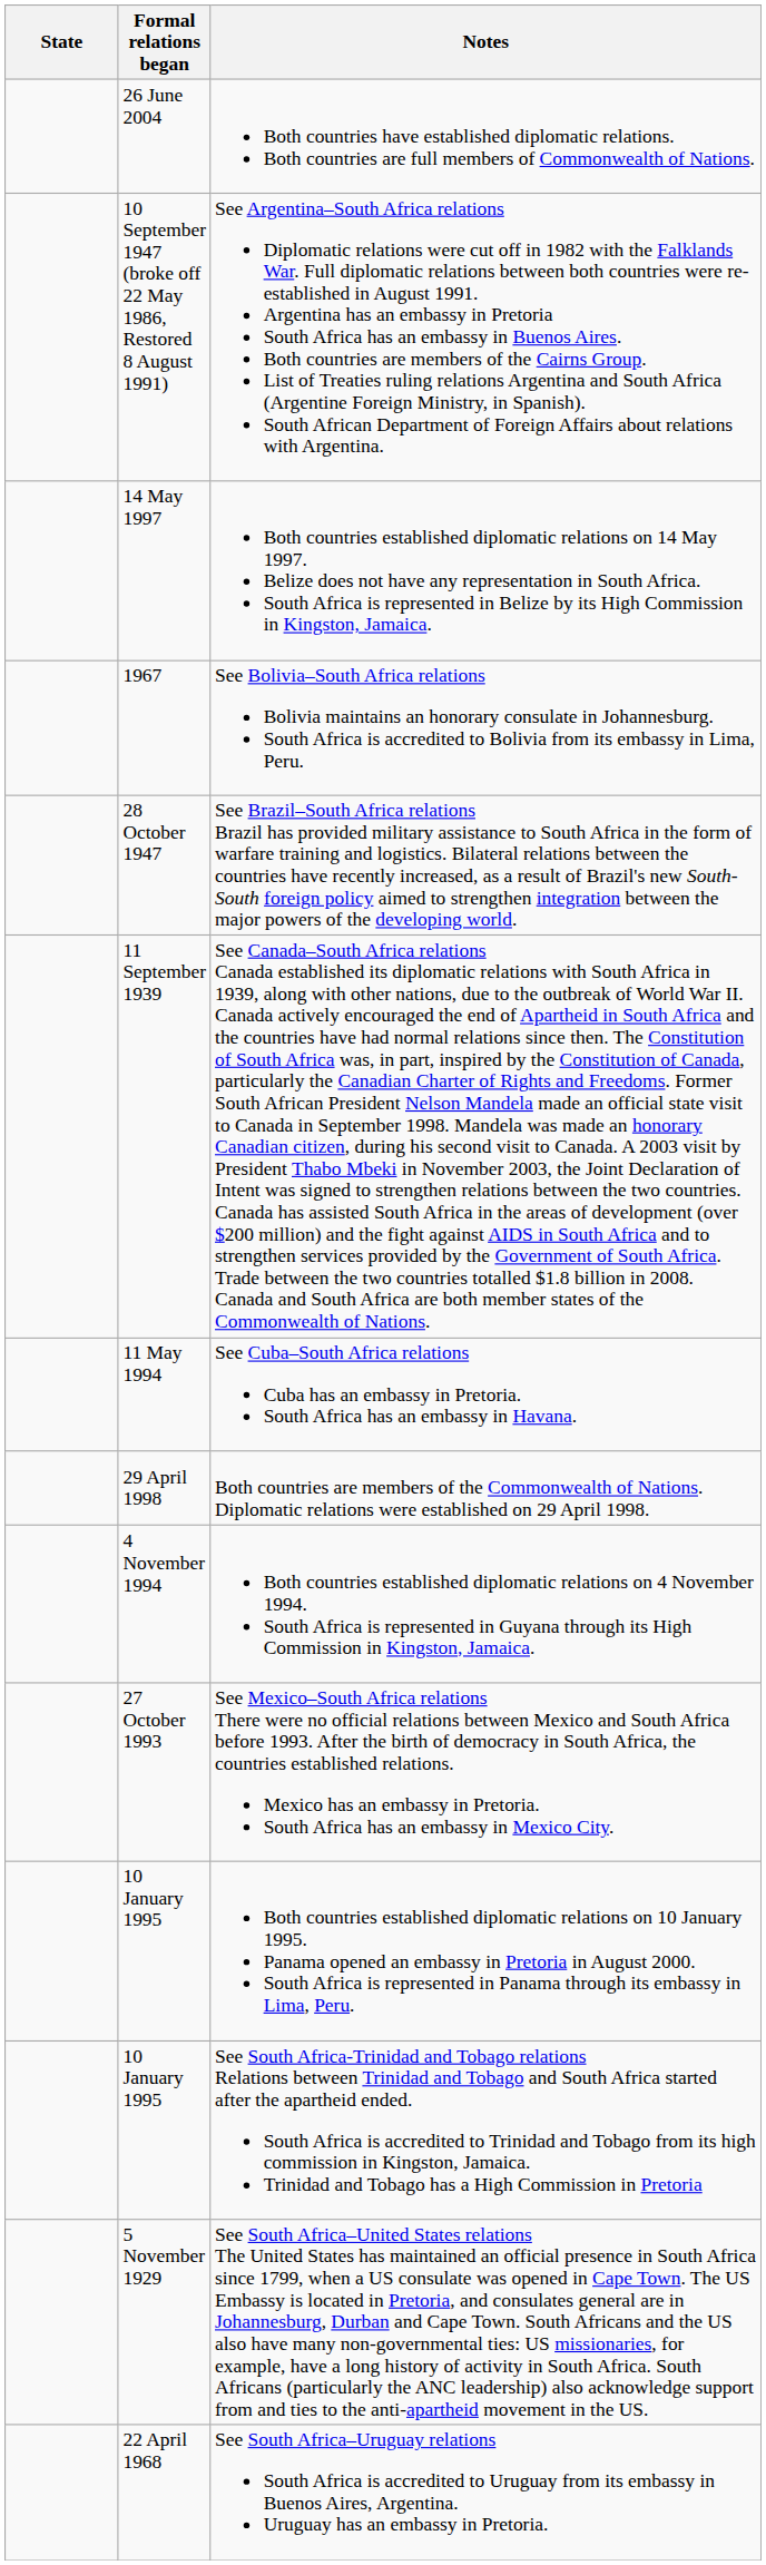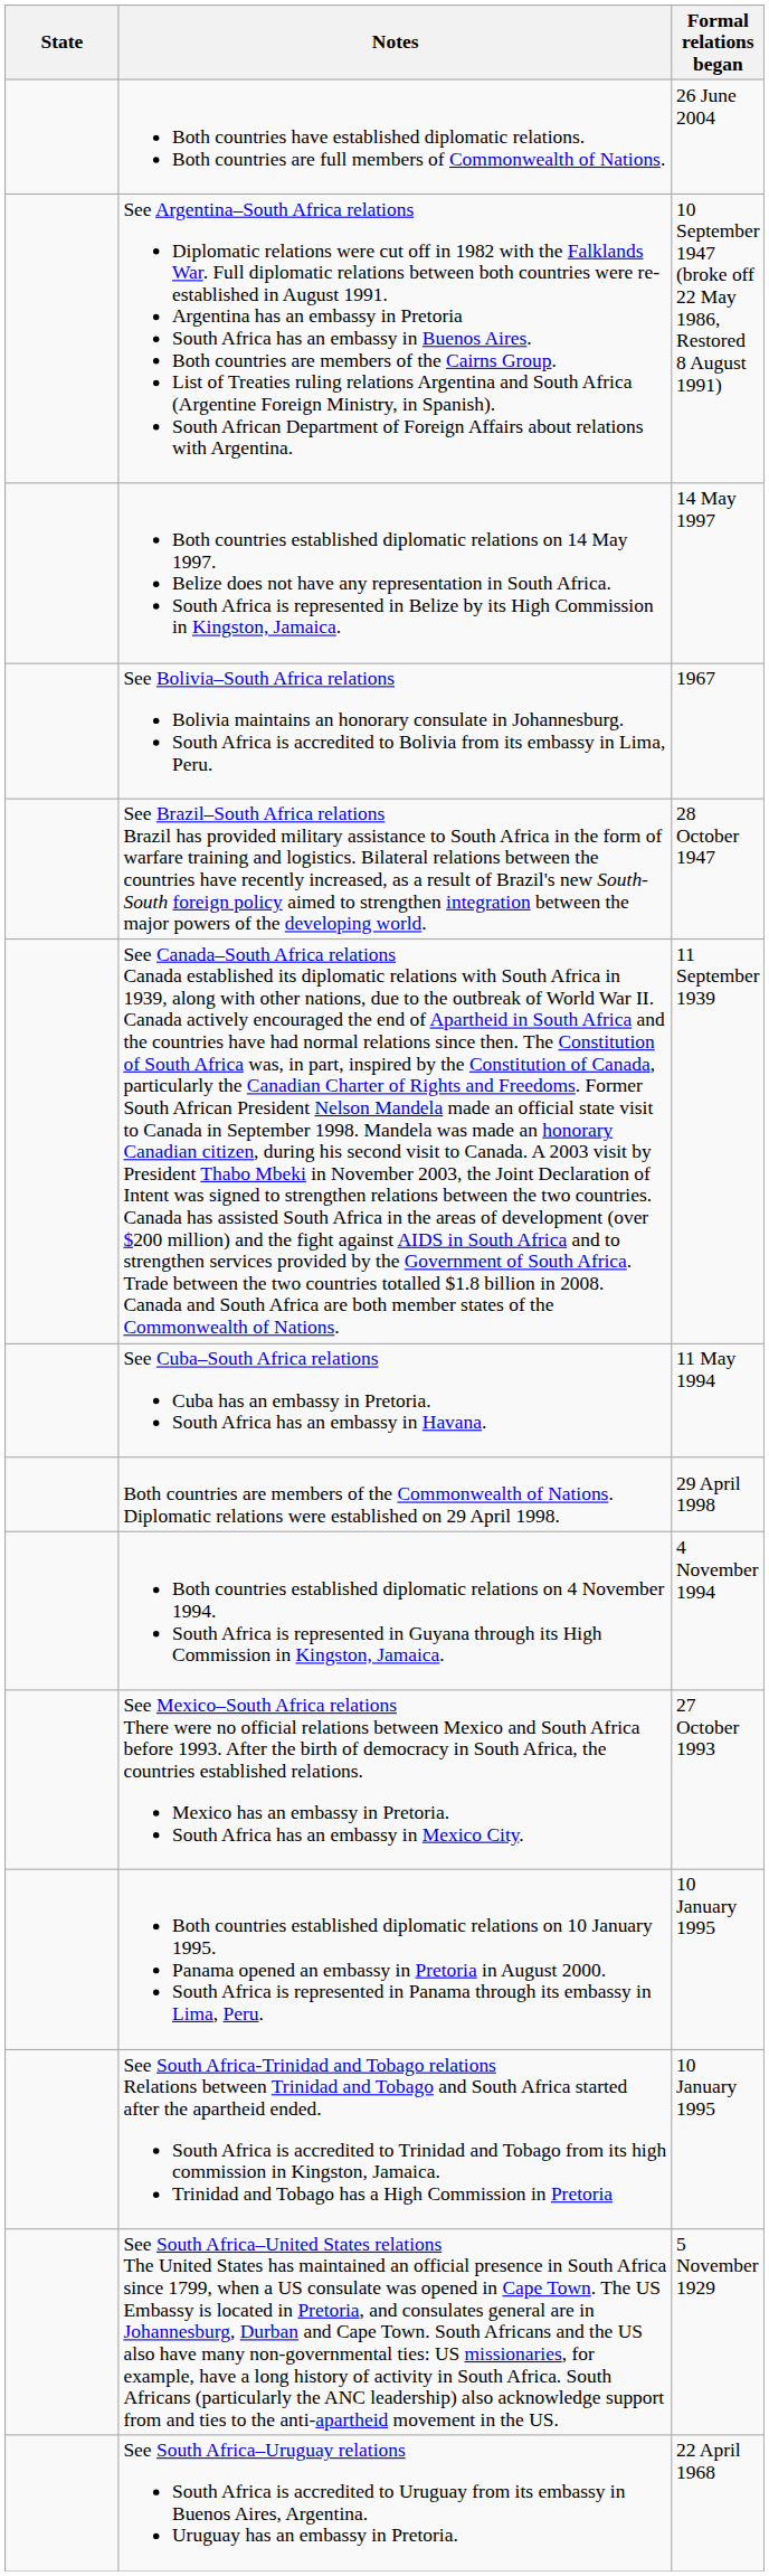 <table class="wikitable sortable" style="width:100%; margin:auto;">
 <tr>
 <th style="width:15%;">State</th>
+<th>Notes</th>
 <th style="width:12%;">Formal relations began</th>
-<th>Notes</th>
 </tr>
 <tr valign="top">
 <td></td>
+<td><br><ul><li>Both countries have established diplomatic relations.</li><li>Both countries are full members of <a href='#'>Commonwealth of Nations</a>.</li></ul></td>
 <td>26 June 2004</td>
-<td><br><ul><li>Both countries have established diplomatic relations.</li><li>Both countries are full members of <a href='#'>Commonwealth of Nations</a>.</li></ul></td>
 </tr>
 <tr valign="top">
 <td></td>
+<td>See <a href='#'>Argentina–South Africa relations</a><br><ul><li>Diplomatic relations were cut off in 1982 with the <a href='#'>Falklands War</a>. Full diplomatic relations between both countries were re-established in August 1991.</li><li>Argentina has an embassy in Pretoria</li><li>South Africa has an embassy in <a href='#'>Buenos Aires</a>.</li><li>Both countries are members of the <a href='#'>Cairns Group</a>.</li><li>List of Treaties ruling relations Argentina and South Africa (Argentine Foreign Ministry, in Spanish).</li><li>South African Department of Foreign Affairs about relations with Argentina.</li></ul></td>
 <td>10 September 1947 (broke off 22 May 1986, Restored 8 August 1991)</td>
-<td>See <a href='#'>Argentina–South Africa relations</a><br><ul><li>Diplomatic relations were cut off in 1982 with the <a href='#'>Falklands War</a>. Full diplomatic relations between both countries were re-established in August 1991.</li><li>Argentina has an embassy in Pretoria</li><li>South Africa has an embassy in <a href='#'>Buenos Aires</a>.</li><li>Both countries are members of the <a href='#'>Cairns Group</a>.</li><li>List of Treaties ruling relations Argentina and South Africa (Argentine Foreign Ministry, in Spanish).</li><li>South African Department of Foreign Affairs about relations with Argentina.</li></ul></td>
 </tr>
 <tr valign="top">
 <td></td>
+<td><br><ul><li>Both countries established diplomatic relations on 14 May 1997.</li><li>Belize does not have any representation in South Africa.</li><li>South Africa is represented in Belize by its High Commission in <a href='#'>Kingston, Jamaica</a>.</li></ul></td>
 <td>14 May 1997</td>
-<td><br><ul><li>Both countries established diplomatic relations on 14 May 1997.</li><li>Belize does not have any representation in South Africa.</li><li>South Africa is represented in Belize by its High Commission in <a href='#'>Kingston, Jamaica</a>.</li></ul></td>
 </tr>
 <tr valign="top">
 <td></td>
+<td>See <a href='#'>Bolivia–South Africa relations</a><br><ul><li>Bolivia maintains an honorary consulate in Johannesburg.</li><li>South Africa is accredited to Bolivia from its embassy in Lima, Peru.</li></ul></td>
 <td>1967</td>
-<td>See <a href='#'>Bolivia–South Africa relations</a><br><ul><li>Bolivia maintains an honorary consulate in Johannesburg.</li><li>South Africa is accredited to Bolivia from its embassy in Lima, Peru.</li></ul></td>
 </tr>
 <tr valign="top">
 <td></td>
+<td>See <a href='#'>Brazil–South Africa relations</a><br>Brazil has provided military assistance to South Africa in the form of warfare training and logistics. Bilateral relations between the countries have recently increased, as a result of Brazil's new <em>South-South</em> <a href='#'>foreign policy</a> aimed to strengthen <a href='#'>integration</a> between the major powers of the <a href='#'>developing world</a>.</td>
 <td>28 October 1947</td>
-<td>See <a href='#'>Brazil–South Africa relations</a><br>Brazil has provided military assistance to South Africa in the form of warfare training and logistics. Bilateral relations between the countries have recently increased, as a result of Brazil's new <em>South-South</em> <a href='#'>foreign policy</a> aimed to strengthen <a href='#'>integration</a> between the major powers of the <a href='#'>developing world</a>.</td>
 </tr>
 <tr valign="top">
 <td></td>
+<td>See <a href='#'>Canada–South Africa relations</a><br>Canada established its diplomatic relations with South Africa in 1939, along with other nations, due to the outbreak of World War II. Canada actively encouraged the end of <a href='#'>Apartheid in South Africa</a> and the countries have had normal relations since then. The <a href='#'>Constitution of South Africa</a> was, in part, inspired by the <a href='#'>Constitution of Canada</a>, particularly the <a href='#'>Canadian Charter of Rights and Freedoms</a>. Former South African President <a href='#'>Nelson Mandela</a> made an official state visit to Canada in September 1998. Mandela was made an <a href='#'>honorary Canadian citizen</a>, during his second visit to Canada. A 2003 visit by President <a href='#'>Thabo Mbeki</a> in November 2003, the Joint Declaration of Intent was signed to strengthen relations between the two countries. Canada has assisted South Africa in the areas of development (over <a href='#'>$</a>200 million) and the fight against <a href='#'>AIDS in South Africa</a> and to strengthen services provided by the <a href='#'>Government of South Africa</a>. Trade between the two countries totalled $1.8 billion in 2008.<br>Canada and South Africa are both member states of the <a href='#'>Commonwealth of Nations</a>.</td>
 <td>11 September 1939</td>
-<td>See <a href='#'>Canada–South Africa relations</a><br>Canada established its diplomatic relations with South Africa in 1939, along with other nations, due to the outbreak of World War II. Canada actively encouraged the end of <a href='#'>Apartheid in South Africa</a> and the countries have had normal relations since then. The <a href='#'>Constitution of South Africa</a> was, in part, inspired by the <a href='#'>Constitution of Canada</a>, particularly the <a href='#'>Canadian Charter of Rights and Freedoms</a>. Former South African President <a href='#'>Nelson Mandela</a> made an official state visit to Canada in September 1998. Mandela was made an <a href='#'>honorary Canadian citizen</a>, during his second visit to Canada. A 2003 visit by President <a href='#'>Thabo Mbeki</a> in November 2003, the Joint Declaration of Intent was signed to strengthen relations between the two countries. Canada has assisted South Africa in the areas of development (over <a href='#'>$</a>200 million) and the fight against <a href='#'>AIDS in South Africa</a> and to strengthen services provided by the <a href='#'>Government of South Africa</a>. Trade between the two countries totalled $1.8 billion in 2008.<br>Canada and South Africa are both member states of the <a href='#'>Commonwealth of Nations</a>.</td>
 </tr>
 <tr valign="top">
 <td></td>
+<td>See <a href='#'>Cuba–South Africa relations</a><br><ul><li>Cuba has an embassy in Pretoria.</li><li>South Africa has an embassy in <a href='#'>Havana</a>.</li></ul></td>
 <td>11 May 1994</td>
-<td>See <a href='#'>Cuba–South Africa relations</a><br><ul><li>Cuba has an embassy in Pretoria.</li><li>South Africa has an embassy in <a href='#'>Havana</a>.</li></ul></td>
 </tr>
 <tr -valign="top">
 <td></td>
+<td><br>Both countries are members of the <a href='#'>Commonwealth of Nations</a>. Diplomatic relations were established on 29 April 1998.</td>
 <td>29 April 1998</td>
-<td><br>Both countries are members of the <a href='#'>Commonwealth of Nations</a>. Diplomatic relations were established on 29 April 1998.</td>
 </tr>
 <tr valign="top">
 <td></td>
+<td><br><ul><li>Both countries established diplomatic relations on 4 November 1994.</li><li>South Africa is represented in Guyana through its High Commission in <a href='#'>Kingston, Jamaica</a>.</li></ul></td>
 <td>4 November 1994</td>
-<td><br><ul><li>Both countries established diplomatic relations on 4 November 1994.</li><li>South Africa is represented in Guyana through its High Commission in <a href='#'>Kingston, Jamaica</a>.</li></ul></td>
 </tr>
 <tr valign="top">
 <td></td>
+<td>See <a href='#'>Mexico–South Africa relations</a><br>There were no official relations between Mexico and South Africa before 1993. After the birth of democracy in South Africa, the countries established relations.<ul><li>Mexico has an embassy in Pretoria.</li><li>South Africa has an embassy in <a href='#'>Mexico City</a>.</li></ul></td>
 <td>27 October 1993</td>
-<td>See <a href='#'>Mexico–South Africa relations</a><br>There were no official relations between Mexico and South Africa before 1993. After the birth of democracy in South Africa, the countries established relations.<ul><li>Mexico has an embassy in Pretoria.</li><li>South Africa has an embassy in <a href='#'>Mexico City</a>.</li></ul></td>
 </tr>
 <tr valign="top">
 <td></td>
+<td><br><ul><li>Both countries established diplomatic relations on 10 January 1995.</li><li>Panama opened an embassy in <a href='#'>Pretoria</a> in August 2000.</li><li>South Africa is represented in Panama through its embassy in <a href='#'>Lima</a>, <a href='#'>Peru</a>.</li></ul></td>
 <td>10 January 1995</td>
-<td><br><ul><li>Both countries established diplomatic relations on 10 January 1995.</li><li>Panama opened an embassy in <a href='#'>Pretoria</a> in August 2000.</li><li>South Africa is represented in Panama through its embassy in <a href='#'>Lima</a>, <a href='#'>Peru</a>.</li></ul></td>
 </tr>
 <tr valign="top">
 <td></td>
+<td>See <a href='#'>South Africa-Trinidad and Tobago relations</a><br>Relations between <a href='#'>Trinidad and Tobago</a> and South Africa started after the apartheid ended.<ul><li>South Africa is accredited to Trinidad and Tobago from its high commission in Kingston, Jamaica.</li><li>Trinidad and Tobago has a High Commission in <a href='#'>Pretoria</a></li></ul></td>
 <td>10 January 1995</td>
-<td>See <a href='#'>South Africa-Trinidad and Tobago relations</a><br>Relations between <a href='#'>Trinidad and Tobago</a> and South Africa started after the apartheid ended.<ul><li>South Africa is accredited to Trinidad and Tobago from its high commission in Kingston, Jamaica.</li><li>Trinidad and Tobago has a High Commission in <a href='#'>Pretoria</a></li></ul></td>
 </tr>
 <tr valign="top">
 <td></td>
+<td>See <a href='#'>South Africa–United States relations</a><br>The United States has maintained an official presence in South Africa since 1799, when a US consulate was opened in <a href='#'>Cape Town</a>. The US Embassy is located in <a href='#'>Pretoria</a>, and consulates general are in <a href='#'>Johannesburg</a>, <a href='#'>Durban</a> and Cape Town. South Africans and the US also have many non-governmental ties: US <a href='#'>missionaries</a>, for example, have a long history of activity in South Africa. South Africans (particularly the ANC leadership) also acknowledge support from and ties to the anti-<a href='#'>apartheid</a> movement in the US.</td>
 <td>5 November 1929</td>
-<td>See <a href='#'>South Africa–United States relations</a><br>The United States has maintained an official presence in South Africa since 1799, when a US consulate was opened in <a href='#'>Cape Town</a>. The US Embassy is located in <a href='#'>Pretoria</a>, and consulates general are in <a href='#'>Johannesburg</a>, <a href='#'>Durban</a> and Cape Town. South Africans and the US also have many non-governmental ties: US <a href='#'>missionaries</a>, for example, have a long history of activity in South Africa. South Africans (particularly the ANC leadership) also acknowledge support from and ties to the anti-<a href='#'>apartheid</a> movement in the US.</td>
 </tr>
 <tr valign="top">
 <td></td>
+<td>See <a href='#'>South Africa–Uruguay relations</a><br><ul><li>South Africa is accredited to Uruguay from its embassy in Buenos Aires, Argentina.</li><li>Uruguay has an embassy in Pretoria.</li></ul></td>
 <td>22 April 1968</td>
-<td>See <a href='#'>South Africa–Uruguay relations</a><br><ul><li>South Africa is accredited to Uruguay from its embassy in Buenos Aires, Argentina.</li><li>Uruguay has an embassy in Pretoria.</li></ul></td>
 </tr>
 </table>
